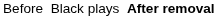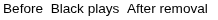 <table border="0" cellspacing="0" cellpadding="0">
 <tr valign="top">
 <td><br></td>
 <td>  </td>
 <td><br></td>
 <td>  </td>
 <td><br></td>
 </tr>
 <tr valign="top">
 <td>Before</td>
 <td>  </td>
 <td>Black plays</td>
 <td>  </td>
-<td><strong>After removal</strong></td>
+<td>After removal</td>
 </tr>
 </table>
